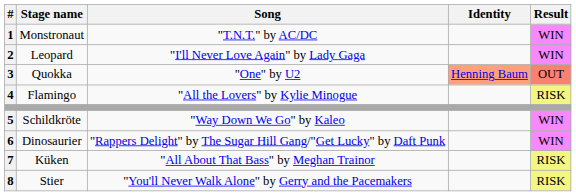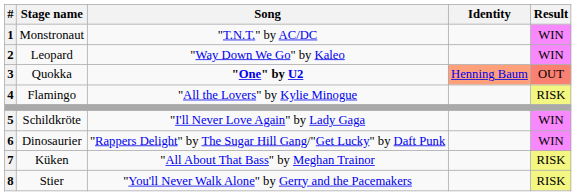 <table class="wikitable plainrowheaders" style="text-align: center;">
 <tr>
 <th>#</th>
 <th>Stage name</th>
 <th>Song</th>
 <th>Identity</th>
 <th>Result</th>
 </tr>
 <tr>
 <th>1</th>
 <td>Monstronaut</td>
 <td>"<a href='#'>T.N.T.</a>" by <a href='#'>AC/DC</a></td>
 <td></td>
 <td bgcolor="F888FD">WIN</td>
 </tr>
 <tr>
 <th>2</th>
 <td>Leopard</td>
-<td>"<a href='#'>I'll Never Love Again</a>" by <a href='#'>Lady Gaga</a></td>
+<td>"<a href='#'>Way Down We Go</a>" by <a href='#'>Kaleo</a></td>
 <td></td>
 <td bgcolor="F888FD">WIN</td>
 </tr>
 <tr>
 <th>3</th>
 <td>Quokka</td>
-<td>"<a href='#'>One</a>" by <a href='#'>U2</a></td>
+<td><strong>"<a href='#'>One</a>" by <a href='#'>U2</a></strong></td>
 <td style="background: lightsalmon;"><a href='#'>Henning Baum</a></td>
 <td bgcolor=salmon>OUT</td>
 </tr>
 <tr>
 <th>4</th>
 <td>Flamingo</td>
 <td>"<a href='#'>All the Lovers</a>" by <a href='#'>Kylie Minogue</a></td>
 <td></td>
 <td bgcolor="#F3F781">RISK</td>
 </tr>
 <tr>
 <td colspan="5" style="background:darkgray"></td>
 </tr>
 <tr>
 <th>5</th>
 <td>Schildkröte</td>
-<td>"<a href='#'>Way Down We Go</a>" by <a href='#'>Kaleo</a></td>
+<td>"<a href='#'>I'll Never Love Again</a>" by <a href='#'>Lady Gaga</a></td>
 <td></td>
 <td bgcolor="F888FD">WIN</td>
 </tr>
 <tr>
 <th>6</th>
 <td>Dinosaurier</td>
 <td>"<a href='#'>Rappers Delight</a>" by <a href='#'>The Sugar Hill Gang</a>/"<a href='#'>Get Lucky</a>" by <a href='#'>Daft Punk</a></td>
 <td></td>
 <td bgcolor="F888FD">WIN</td>
 </tr>
 <tr>
 <th>7</th>
 <td>Küken</td>
 <td>"<a href='#'>All About That Bass</a>" by <a href='#'>Meghan Trainor</a></td>
 <td></td>
 <td bgcolor="#F3F781">RISK</td>
 </tr>
 <tr>
 <th>8</th>
 <td>Stier</td>
 <td>"<a href='#'>You'll Never Walk Alone</a>" by <a href='#'>Gerry and the Pacemakers</a></td>
 <td></td>
 <td bgcolor="#F3F781">RISK</td>
 </tr>
 </table>
